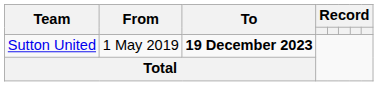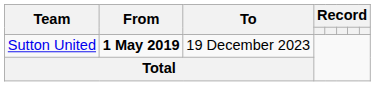 <table class=wikitable style=text-align:center>
 <tr>
 <th rowspan=2>Team</th>
 <th rowspan=2>From</th>
 <th rowspan=2>To</th>
 <th colspan=5>Record</th>
 </tr>
 <tr>
 <th></th>
 <th></th>
 <th></th>
 <th></th>
 <th></th>
 </tr>
 <tr>
 <td align=left><a href='#'>Sutton United</a></td>
-<td align=left>1 May 2019</td>
-<td align=left><strong>19 December 2023<br></strong></td>
+<td align=left><strong>1 May 2019</strong></td>
+<td align=left>19 December 2023<br></td>
 </tr>
 <tr>
 <th colspan=3>Total<br></th>
 </tr>
 </table>
